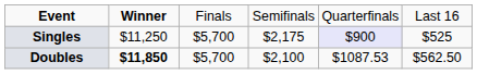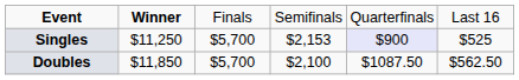 <table class=wikitable style="font-size:90%;text-align:center">
 <tr>
 <td style="width:104px;"><strong>Event</strong></td>
 <td style="width:68px;"><strong>Winner</strong></td>
 <td style="width:68px;">Finals</td>
 <td style="width:68px;">Semifinals</td>
 <td style="width:68px;">Quarterfinals</td>
 <td style="width:68px;">Last 16</td>
 </tr>
 <tr>
 <td style="background:#dfe2e9;"><strong>Singles</strong></td>
 <td>$11,250</td>
 <td>$5,700</td>
-<td>$2,175</td>
+<td>$2,153</td>
 <td style="background: lavender;">$900</td>
 <td>$525</td>
 </tr>
 <tr>
 <td style="background:#dfe2e9;"><strong>Doubles</strong></td>
-<td><strong>$11,850</strong></td>
+<td>$11,850</td>
 <td>$5,700</td>
 <td>$2,100</td>
-<td>$1087.53</td>
+<td>$1087.50</td>
 <td>$562.50</td>
 </tr>
 </table>
